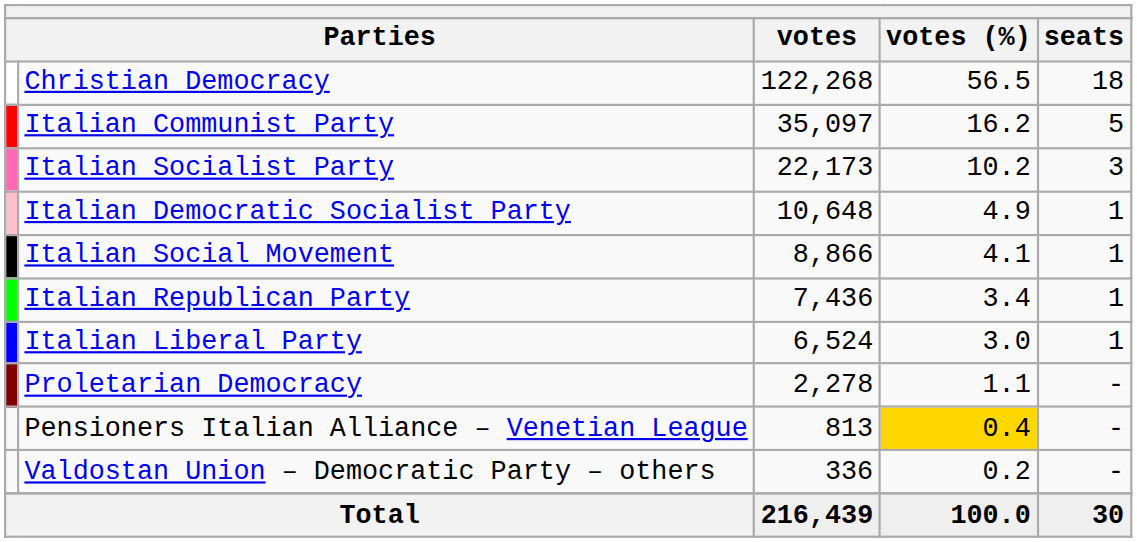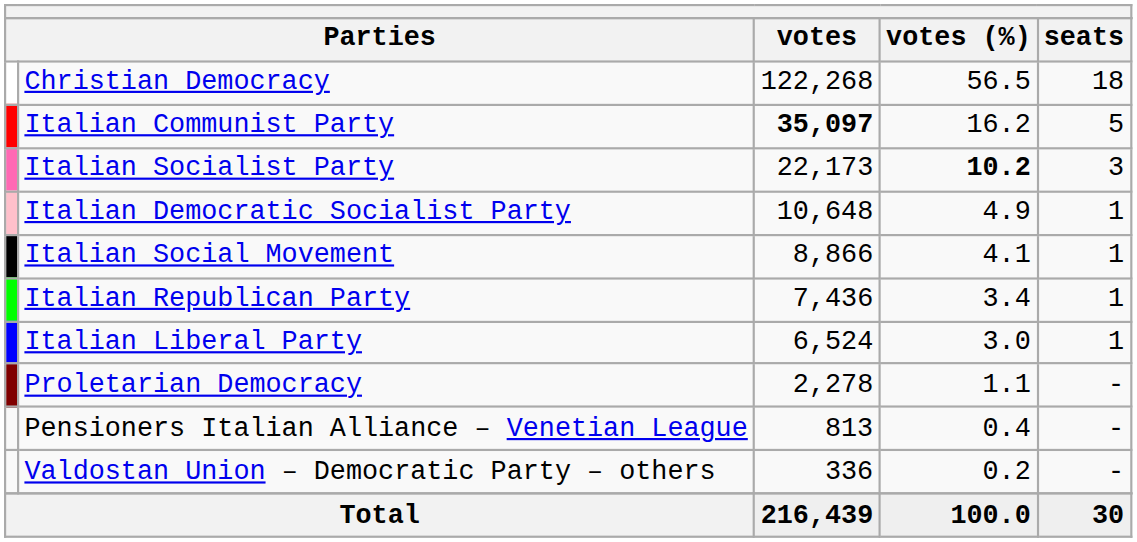 <table class="wikitable" style="font-size:95%">
 <tr>
 <th colspan=5></th>
 </tr>
 <tr>
 </tr>
 <tr bgcolor="EFEFEF">
 <th colspan=2>Parties</th>
 <th>votes</th>
 <th>votes (%)</th>
 <th>seats</th>
 </tr>
 <tr>
 <td bgcolor=White></td>
 <td><a href='#'>Christian Democracy</a></td>
 <td align=right>122,268</td>
 <td align=right>56.5</td>
 <td align=right>18</td>
 </tr>
 <tr>
 <td bgcolor=Red></td>
 <td><a href='#'>Italian Communist Party</a></td>
-<td align=right>35,097</td>
+<td align=right><strong>35,097</strong></td>
 <td align=right>16.2</td>
 <td align=right>5</td>
 </tr>
 <tr>
 <td bgcolor=Hotpink></td>
 <td><a href='#'>Italian Socialist Party</a></td>
 <td align=right>22,173</td>
-<td align=right>10.2</td>
+<td align=right><strong>10.2</strong></td>
 <td align=right>3</td>
 </tr>
 <tr>
 <td bgcolor=Pink></td>
 <td><a href='#'>Italian Democratic Socialist Party</a></td>
 <td align=right>10,648</td>
 <td align=right>4.9</td>
 <td align=right>1</td>
 </tr>
 <tr>
 <td bgcolor=Black></td>
 <td><a href='#'>Italian Social Movement</a></td>
 <td align=right>8,866</td>
 <td align=right>4.1</td>
 <td align=right>1</td>
 </tr>
 <tr>
 <td bgcolor=Lime></td>
 <td><a href='#'>Italian Republican Party</a></td>
 <td align=right>7,436</td>
 <td align=right>3.4</td>
 <td align=right>1</td>
 </tr>
 <tr>
 <td bgcolor=Blue></td>
 <td><a href='#'>Italian Liberal Party</a></td>
 <td align=right>6,524</td>
 <td align=right>3.0</td>
 <td align=right>1</td>
 </tr>
 <tr>
 <td bgcolor=Maroon></td>
 <td><a href='#'>Proletarian Democracy</a></td>
 <td align=right>2,278</td>
 <td align=right>1.1</td>
 <td align=right>-</td>
 </tr>
 <tr>
 <td bgcolor=></td>
 <td>Pensioners Italian Alliance – <a href='#'>Venetian League</a></td>
 <td align=right>813</td>
-<td align=right style="background: gold;">0.4</td>
+<td align=right>0.4</td>
 <td align=right>-</td>
 </tr>
 <tr>
 <td bgcolor=></td>
 <td><a href='#'>Valdostan Union</a> – Democratic Party – others</td>
 <td align=right>336</td>
 <td align=right>0.2</td>
 <td align=right>-</td>
 </tr>
 <tr>
 </tr>
 <tr bgcolor="EFEFEF">
 <th colspan=2><strong>Total</strong></th>
 <td align=right><strong>216,439</strong></td>
 <td align=right><strong>100.0</strong></td>
 <td align=right><strong>30</strong></td>
 </tr>
 </table>
